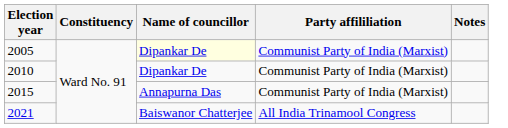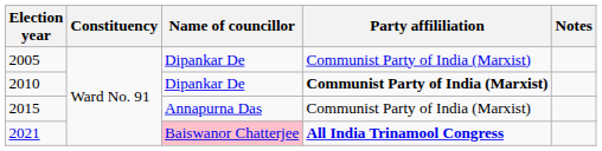 <table class="wikitable">
 <tr>
 <th>Election<br> year</th>
 <th>Constituency</th>
 <th>Name of councillor</th>
 <th>Party affililiation</th>
 <th>Notes</th>
 </tr>
 <tr>
 <td>2005</td>
 <td rowspan="4">Ward No. 91</td>
-<td style="background: lightyellow;"><a href='#'>Dipankar De</a></td>
+<td><a href='#'>Dipankar De</a></td>
 <td><a href='#'>Communist Party of India (Marxist)</a></td>
 <td></td>
 </tr>
 <tr>
 <td>2010</td>
 <td><a href='#'>Dipankar De</a></td>
-<td>Communist Party of India (Marxist)</td>
+<td><strong>Communist Party of India (Marxist)</strong></td>
 <td></td>
 </tr>
 <tr>
 <td>2015</td>
 <td><a href='#'>Annapurna Das</a></td>
 <td>Communist Party of India (Marxist)</td>
 <td></td>
 </tr>
 <tr>
 <td><a href='#'>2021</a></td>
-<td><a href='#'>Baiswanor Chatterjee</a></td>
-<td><a href='#'>All India Trinamool Congress</a></td>
+<td style="background: pink;"><a href='#'>Baiswanor Chatterjee</a></td>
+<td><strong><a href='#'>All India Trinamool Congress</a></strong></td>
 <td></td>
 </tr>
 </table>
